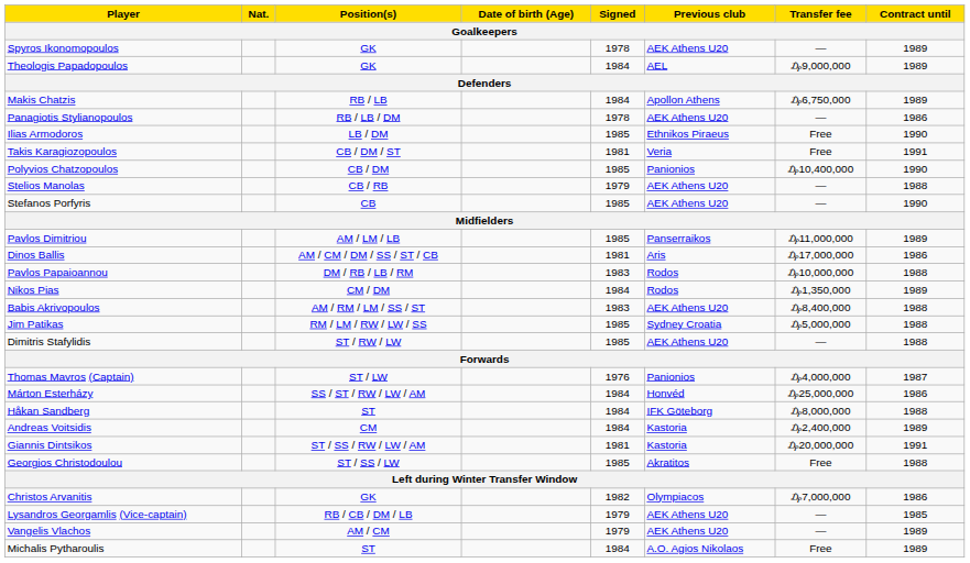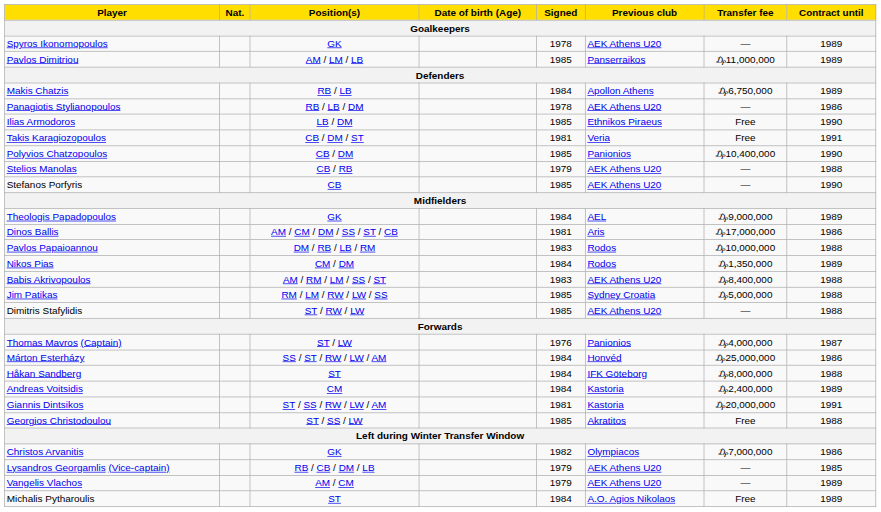 <table class="wikitable" style="text-align:center; font-size:90%;width:100%;">
 <tr>
 <th style="background:#FFDE00">Player</th>
 <th style="background:#FFDE00">Nat.</th>
 <th style="background:#FFDE00">Position(s)</th>
 <th style="background:#FFDE00">Date of birth (Age)</th>
 <th style="background:#FFDE00">Signed</th>
 <th style="background:#FFDE00">Previous club</th>
 <th style="background:#FFDE00">Transfer fee</th>
 <th style="background:#FFDE00">Contract until</th>
 </tr>
 <tr>
 <th colspan="8">Goalkeepers</th>
 </tr>
 <tr>
 <td align=left><a href='#'>Spyros Ikonomopoulos</a></td>
 <td></td>
 <td><a href='#'>GK</a></td>
 <td></td>
 <td>1978</td>
 <td align=left> <a href='#'>AEK Athens U20</a></td>
 <td>—</td>
 <td>1989</td>
 </tr>
 <tr>
-<td align=left><a href='#'>Theologis Papadopoulos</a></td>
+<td align=left><a href='#'>Pavlos Dimitriou</a></td>
 <td></td>
-<td><a href='#'>GK</a></td>
+<td><a href='#'>AM</a> / <a href='#'>LM</a> / <a href='#'>LB</a></td>
 <td></td>
-<td>1984</td>
-<td align=left> <a href='#'>AEL</a></td>
-<td>₯9,000,000</td>
+<td>1985</td>
+<td align=left> <a href='#'>Panserraikos</a></td>
+<td>₯11,000,000</td>
 <td>1989</td>
 </tr>
 <tr>
 <th colspan="8">Defenders</th>
 </tr>
 <tr>
 <td align=left><a href='#'>Makis Chatzis</a></td>
 <td></td>
 <td><a href='#'>RB</a> / <a href='#'>LB</a></td>
 <td></td>
 <td>1984</td>
 <td align=left> <a href='#'>Apollon Athens</a></td>
 <td>₯6,750,000</td>
 <td>1989</td>
 </tr>
 <tr>
 <td align=left><a href='#'>Panagiotis Stylianopoulos</a></td>
 <td></td>
 <td><a href='#'>RB</a> / <a href='#'>LB</a> / <a href='#'>DM</a></td>
 <td></td>
 <td>1978</td>
 <td align=left> <a href='#'>AEK Athens U20</a></td>
 <td>—</td>
 <td>1986</td>
 </tr>
 <tr>
 <td align=left><a href='#'>Ilias Armodoros</a></td>
 <td></td>
 <td><a href='#'>LB</a> / <a href='#'>DM</a></td>
 <td></td>
 <td>1985</td>
 <td align=left> <a href='#'>Ethnikos Piraeus</a></td>
 <td>Free</td>
 <td>1990</td>
 </tr>
 <tr>
 <td align=left><a href='#'>Takis Karagiozopoulos</a></td>
 <td></td>
 <td><a href='#'>CB</a> / <a href='#'>DM</a> / <a href='#'>ST</a></td>
 <td></td>
 <td>1981</td>
 <td align=left> <a href='#'>Veria</a></td>
 <td>Free</td>
 <td>1991</td>
 </tr>
 <tr>
 <td align=left><a href='#'>Polyvios Chatzopoulos</a></td>
 <td></td>
 <td><a href='#'>CB</a> / <a href='#'>DM</a></td>
 <td></td>
 <td>1985</td>
 <td align=left> <a href='#'>Panionios</a></td>
 <td>₯10,400,000</td>
 <td>1990</td>
 </tr>
 <tr>
 <td align=left><a href='#'>Stelios Manolas</a></td>
 <td></td>
 <td><a href='#'>CB</a> / <a href='#'>RB</a></td>
 <td></td>
 <td>1979</td>
 <td align=left> <a href='#'>AEK Athens U20</a></td>
 <td>—</td>
 <td>1988</td>
 </tr>
 <tr>
 <td align=left>Stefanos Porfyris</td>
 <td></td>
 <td><a href='#'>CB</a></td>
 <td></td>
 <td>1985</td>
 <td align=left> <a href='#'>AEK Athens U20</a></td>
 <td>—</td>
 <td>1990</td>
 </tr>
 <tr>
 <th colspan="8">Midfielders</th>
 </tr>
 <tr>
-<td align=left><a href='#'>Pavlos Dimitriou</a></td>
+<td align=left><a href='#'>Theologis Papadopoulos</a></td>
 <td></td>
-<td><a href='#'>AM</a> / <a href='#'>LM</a> / <a href='#'>LB</a></td>
+<td><a href='#'>GK</a></td>
 <td></td>
-<td>1985</td>
-<td align=left> <a href='#'>Panserraikos</a></td>
-<td>₯11,000,000</td>
+<td>1984</td>
+<td align=left> <a href='#'>AEL</a></td>
+<td>₯9,000,000</td>
 <td>1989</td>
 </tr>
 <tr>
 <td align=left><a href='#'>Dinos Ballis</a></td>
 <td></td>
 <td><a href='#'>AM</a> / <a href='#'>CM</a> / <a href='#'>DM</a> / <a href='#'>SS</a> / <a href='#'>ST</a> / <a href='#'>CB</a></td>
 <td></td>
 <td>1981</td>
 <td align=left> <a href='#'>Aris</a></td>
 <td>₯17,000,000</td>
 <td>1986</td>
 </tr>
 <tr>
 <td align=left><a href='#'>Pavlos Papaioannou</a></td>
 <td></td>
 <td><a href='#'>DM</a> / <a href='#'>RB</a> / <a href='#'>LB</a> / <a href='#'>RM</a></td>
 <td></td>
 <td>1983</td>
 <td align=left> <a href='#'>Rodos</a></td>
 <td>₯10,000,000</td>
 <td>1988</td>
 </tr>
 <tr>
 <td align=left><a href='#'>Nikos Pias</a></td>
 <td></td>
 <td><a href='#'>CM</a> / <a href='#'>DM</a></td>
 <td></td>
 <td>1984</td>
 <td align=left> <a href='#'>Rodos</a></td>
 <td>₯1,350,000</td>
 <td>1989</td>
 </tr>
 <tr>
 <td align=left><a href='#'>Babis Akrivopoulos</a></td>
 <td></td>
 <td><a href='#'>AM</a> / <a href='#'>RM</a> / <a href='#'>LM</a> / <a href='#'>SS</a> / <a href='#'>ST</a></td>
 <td></td>
 <td>1983</td>
 <td align=left> <a href='#'>AEK Athens U20</a></td>
 <td>₯8,400,000</td>
 <td>1988</td>
 </tr>
 <tr>
 <td align=left><a href='#'>Jim Patikas</a></td>
 <td></td>
 <td><a href='#'>RM</a> / <a href='#'>LM</a> / <a href='#'>RW</a> / <a href='#'>LW</a> / <a href='#'>SS</a></td>
 <td></td>
 <td>1985</td>
 <td align=left> <a href='#'>Sydney Croatia</a></td>
 <td>₯5,000,000</td>
 <td>1988</td>
 </tr>
 <tr>
 <td align=left>Dimitris Stafylidis</td>
 <td></td>
 <td><a href='#'>ST</a> / <a href='#'>RW</a> / <a href='#'>LW</a></td>
 <td></td>
 <td>1985</td>
 <td align=left> <a href='#'>AEK Athens U20</a></td>
 <td>—</td>
 <td>1988</td>
 </tr>
 <tr>
 <th colspan="8">Forwards</th>
 </tr>
 <tr>
 <td align=left><a href='#'>Thomas Mavros</a> <a href='#'>(Captain)</a></td>
 <td></td>
 <td><a href='#'>ST</a> / <a href='#'>LW</a></td>
 <td></td>
 <td>1976</td>
 <td align=left> <a href='#'>Panionios</a></td>
 <td>₯4,000,000</td>
 <td>1987</td>
 </tr>
 <tr>
 <td align=left><a href='#'>Márton Esterházy</a></td>
 <td></td>
 <td><a href='#'>SS</a> / <a href='#'>ST</a> / <a href='#'>RW</a> / <a href='#'>LW</a> / <a href='#'>AM</a></td>
 <td></td>
 <td>1984</td>
 <td align=left> <a href='#'>Honvéd</a></td>
 <td>₯25,000,000</td>
 <td>1986</td>
 </tr>
 <tr>
 <td align=left><a href='#'>Håkan Sandberg</a></td>
 <td></td>
 <td><a href='#'>ST</a></td>
 <td></td>
 <td>1984</td>
 <td align=left> <a href='#'>IFK Göteborg</a></td>
 <td>₯8,000,000</td>
 <td>1988</td>
 </tr>
 <tr>
 <td align=left><a href='#'>Andreas Voitsidis</a></td>
 <td></td>
 <td><a href='#'>CM</a></td>
 <td></td>
 <td>1984</td>
 <td align=left> <a href='#'>Kastoria</a></td>
 <td>₯2,400,000</td>
 <td>1989</td>
 </tr>
 <tr>
 <td align=left><a href='#'>Giannis Dintsikos</a></td>
 <td></td>
 <td><a href='#'>ST</a> / <a href='#'>SS</a> / <a href='#'>RW</a> / <a href='#'>LW</a> / <a href='#'>AM</a></td>
 <td></td>
 <td>1981</td>
 <td align=left> <a href='#'>Kastoria</a></td>
 <td>₯20,000,000</td>
 <td>1991</td>
 </tr>
 <tr>
 <td align=left><a href='#'>Georgios Christodoulou</a></td>
 <td></td>
 <td><a href='#'>ST</a> / <a href='#'>SS</a> / <a href='#'>LW</a></td>
 <td></td>
 <td>1985</td>
 <td align=left> <a href='#'>Akratitos</a></td>
 <td>Free</td>
 <td>1988</td>
 </tr>
 <tr>
 <th colspan="8">Left during Winter Transfer Window</th>
 </tr>
 <tr>
 <td align=left><a href='#'>Christos Arvanitis</a></td>
 <td></td>
 <td><a href='#'>GK</a></td>
 <td></td>
 <td>1982</td>
 <td align=left> <a href='#'>Olympiacos</a></td>
 <td>₯7,000,000</td>
 <td>1986</td>
 </tr>
 <tr>
 <td align=left><a href='#'>Lysandros Georgamlis</a> <a href='#'>(Vice-captain)</a></td>
 <td></td>
 <td><a href='#'>RB</a> / <a href='#'>CB</a> / <a href='#'>DM</a> / <a href='#'>LB</a></td>
 <td></td>
 <td>1979</td>
 <td align=left> <a href='#'>AEK Athens U20</a></td>
 <td>—</td>
 <td>1985</td>
 </tr>
 <tr>
 <td align=left><a href='#'>Vangelis Vlachos</a></td>
 <td></td>
 <td><a href='#'>AM</a> / <a href='#'>CM</a></td>
 <td></td>
 <td>1979</td>
 <td align=left> <a href='#'>AEK Athens U20</a></td>
 <td>—</td>
 <td>1989</td>
 </tr>
 <tr>
 <td align=left>Michalis Pytharoulis</td>
 <td></td>
 <td><a href='#'>ST</a></td>
 <td></td>
 <td>1984</td>
 <td align=left> <a href='#'>A.O. Agios Nikolaos</a></td>
 <td>Free</td>
 <td>1989</td>
 </tr>
 </table>
